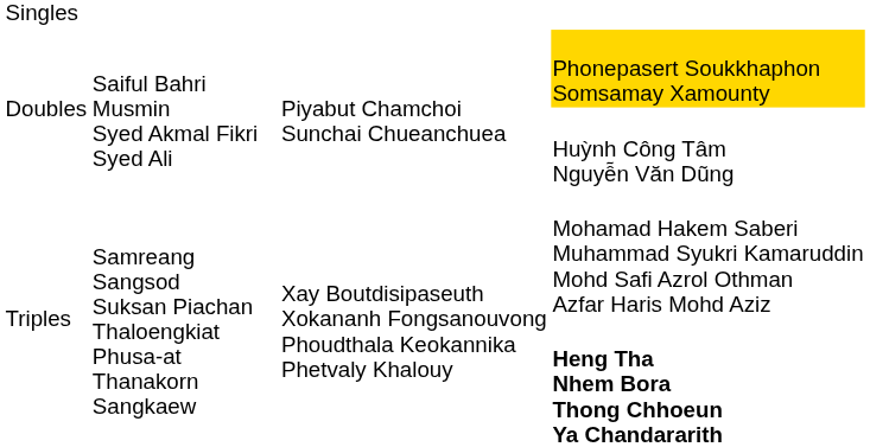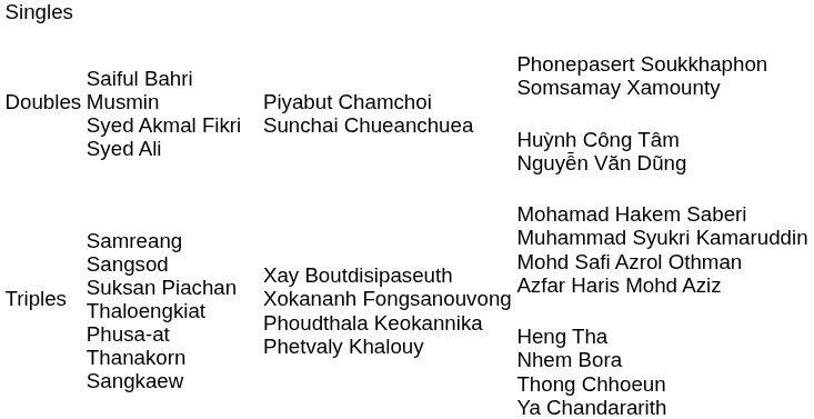 <table>
 <tr>
 <td rowspan=2>Singles</td>
 <td nowrap=true rowspan=2></td>
 <td rowspan=2></td>
 <td></td>
 </tr>
 <tr>
 <td></td>
 </tr>
 <tr>
 <td rowspan=2>Doubles</td>
 <td rowspan=2><br>Saiful Bahri Musmin<br>Syed Akmal Fikri Syed Ali</td>
 <td rowspan=2><br>Piyabut Chamchoi<br>Sunchai Chueanchuea</td>
-<td style="background: gold;"><br>Phonepasert Soukkhaphon<br>Somsamay Xamounty</td>
+<td><br>Phonepasert Soukkhaphon<br>Somsamay Xamounty</td>
 </tr>
 <tr>
 <td><br>Huỳnh Công Tâm<br>Nguyễn Văn Dũng</td>
 </tr>
 <tr>
 <td rowspan=2>Triples</td>
 <td rowspan=2><br>Samreang Sangsod<br>Suksan Piachan<br>Thaloengkiat Phusa-at<br>Thanakorn Sangkaew</td>
 <td nowrap=true rowspan=2><br>Xay Boutdisipaseuth<br>Xokananh Fongsanouvong<br>Phoudthala Keokannika<br>Phetvaly Khalouy</td>
 <td nowrap=true><br>Mohamad Hakem Saberi<br>Muhammad Syukri Kamaruddin<br>Mohd Safi Azrol Othman<br>Azfar Haris Mohd Aziz</td>
 </tr>
 <tr>
-<td><strong><br>Heng Tha<br>Nhem Bora<br>Thong Chhoeun<br>Ya Chandararith</strong></td>
+<td><br>Heng Tha<br>Nhem Bora<br>Thong Chhoeun<br>Ya Chandararith</td>
 </tr>
 </table>
